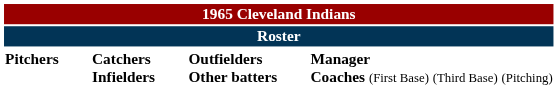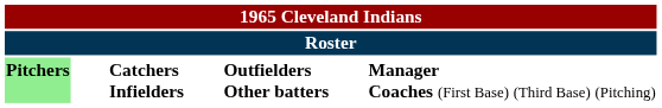 <table class="toccolours" style="font-size: 95%;">
 <tr>
 <th colspan="10" style="background-color: #990000; color: white; text-align: center;">1965 Cleveland Indians</th>
 </tr>
 <tr>
 <td colspan="10" style="background-color: #023456; color: white; text-align: center;"><strong>Roster</strong></td>
 </tr>
 <tr>
-<td valign="top"><strong>Pitchers</strong><br>               </td>
+<td valign="top" style="background: lightgreen;"><strong>Pitchers</strong><br>               </td>
 <td width="25px"></td>
 <td valign="top"><strong>Catchers</strong><br>    <strong>Infielders</strong>         </td>
 <td width="25px"></td>
 <td valign="top"><strong>Outfielders</strong><br>      <strong>Other batters</strong>    </td>
 <td width="25px"></td>
 <td valign="top"><strong>Manager</strong><br> <strong>Coaches</strong>  <small>(First Base)</small>  <small>(Third Base)</small>  <small>(Pitching)</small></td>
 </tr>
 </table>
